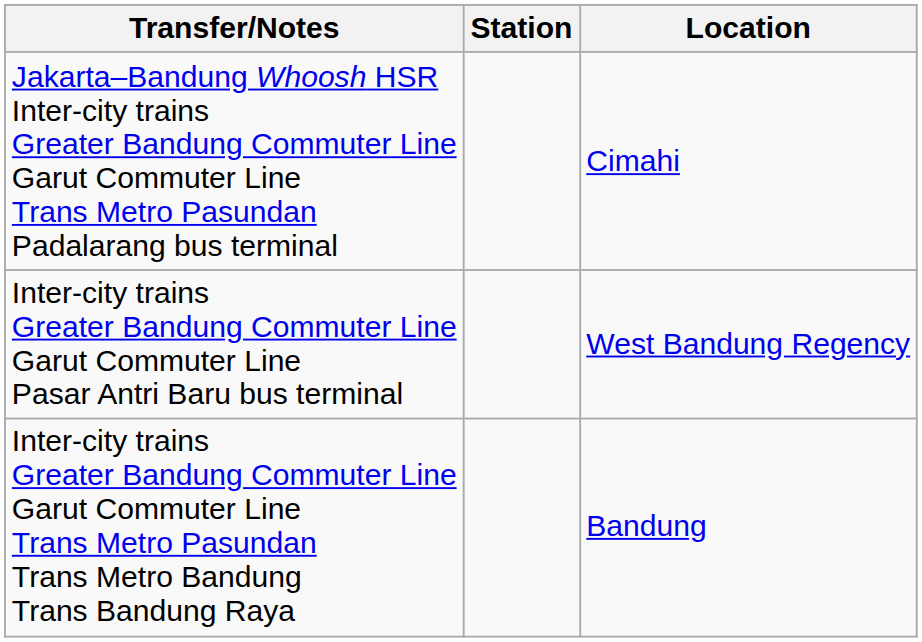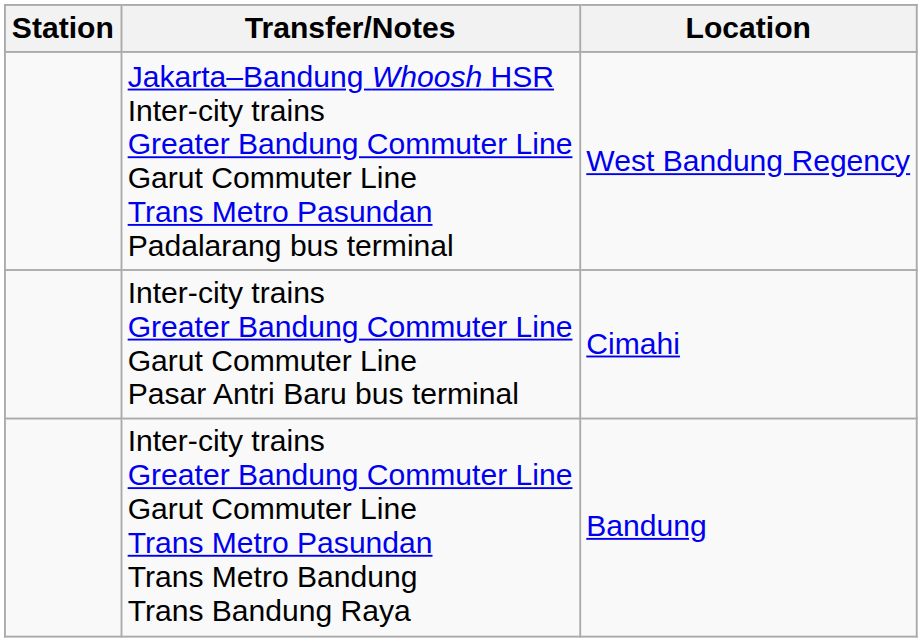 <table class="wikitable">
 <tr>
+<th>Station</th>
 <th>Transfer/Notes</th>
-<th>Station</th>
 <th>Location</th>
 </tr>
 <tr>
+<td><strong></strong></td>
 <td> <a href='#'>Jakarta–Bandung <em>Whoosh</em> HSR</a><br> Inter-city trains<br> <a href='#'>Greater Bandung Commuter Line</a><br> Garut Commuter Line<br> <a href='#'>Trans Metro Pasundan</a><br> Padalarang bus terminal</td>
-<td><strong></strong></td>
+<td><a href='#'>West Bandung Regency</a></td>
+</tr>
+<tr>
+<td></td>
+<td> Inter-city trains<br> <a href='#'>Greater Bandung Commuter Line</a><br> Garut Commuter Line<br> Pasar Antri Baru bus terminal</td>
 <td><a href='#'>Cimahi</a></td>
 </tr>
 <tr>
-<td> Inter-city trains<br> <a href='#'>Greater Bandung Commuter Line</a><br> Garut Commuter Line<br> Pasar Antri Baru bus terminal</td>
-<td></td>
-<td><a href='#'>West Bandung Regency</a></td>
-</tr>
-<tr>
+<td><strong></strong></td>
 <td> Inter-city trains<br> <a href='#'>Greater Bandung Commuter Line</a><br> Garut Commuter Line<br>   <a href='#'>Trans Metro Pasundan</a><br> Trans Metro Bandung<br> Trans Bandung Raya</td>
-<td><strong></strong></td>
 <td><a href='#'>Bandung</a></td>
 </tr>
 </table>
